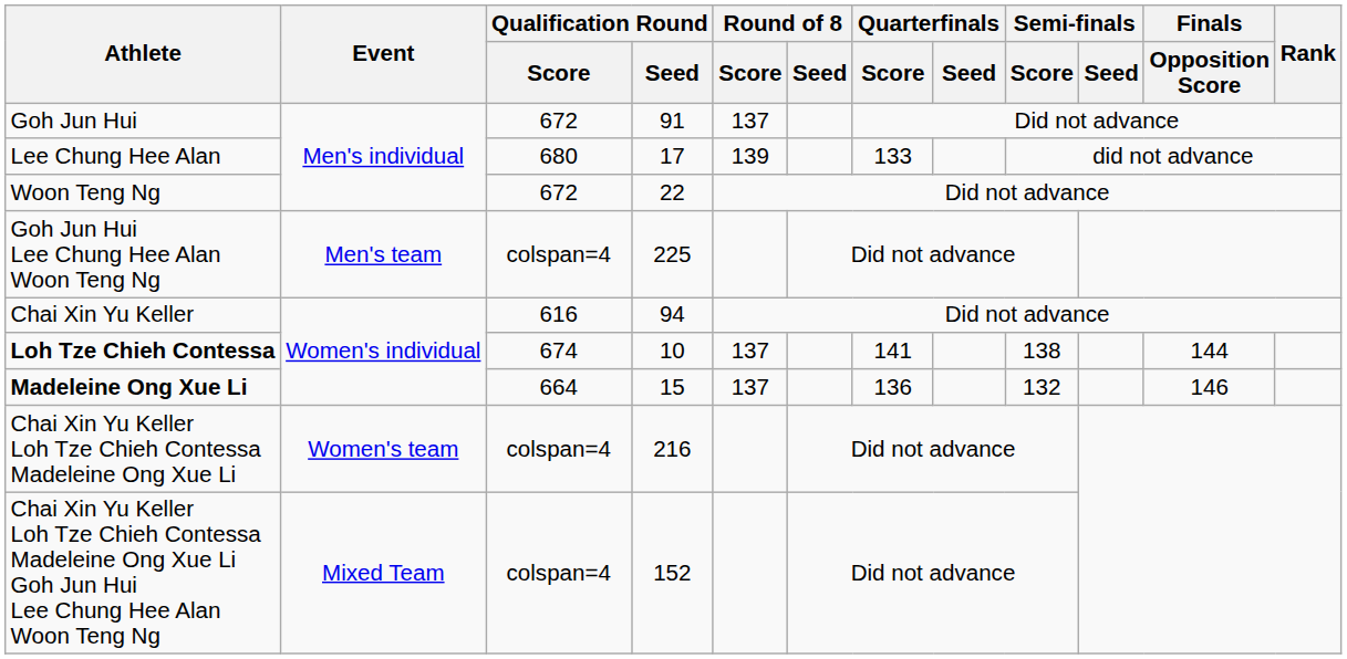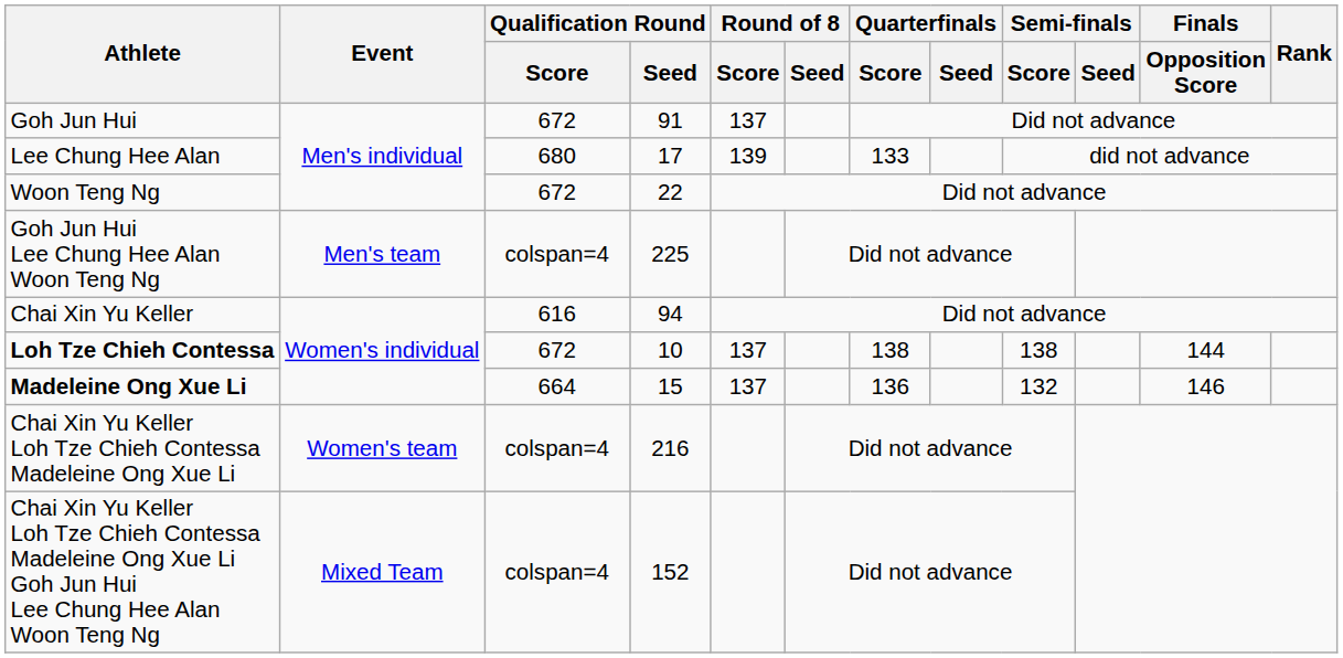 <table class="wikitable" style="text-align:center; font-size:90%">
 <tr>
 <th rowspan="2">Athlete</th>
 <th rowspan="2">Event</th>
 <th colspan="2">Qualification Round</th>
 <th colspan="2">Round of 8</th>
 <th colspan="2">Quarterfinals</th>
 <th colspan="2">Semi-finals</th>
 <th>Finals</th>
 <th rowspan="2">Rank</th>
 </tr>
 <tr style="font size:95%">
 <th>Score</th>
 <th>Seed</th>
 <th>Score</th>
 <th>Seed</th>
 <th>Score</th>
 <th>Seed</th>
 <th>Score</th>
 <th>Seed</th>
 <th>Opposition<br>Score</th>
 </tr>
 <tr align="center">
 <td align="left">Goh Jun Hui</td>
 <td rowspan="3"><a href='#'>Men's individual</a></td>
 <td>672</td>
 <td>91</td>
 <td>137</td>
 <td></td>
 <td colspan="6">Did not advance</td>
 </tr>
 <tr align="center">
 <td align="left">Lee Chung Hee Alan</td>
 <td>680</td>
 <td>17</td>
 <td>139</td>
 <td></td>
 <td>133</td>
 <td></td>
 <td colspan="4">did not advance</td>
 </tr>
 <tr align="center">
 <td align="left">Woon Teng Ng</td>
 <td>672</td>
 <td>22</td>
 <td colspan="8">Did not advance</td>
 </tr>
 <tr>
 <td align="left">Goh Jun Hui<br>Lee Chung Hee Alan<br>Woon Teng Ng</td>
 <td><a href='#'>Men's team</a></td>
 <td>colspan=4 </td>
 <td>225</td>
 <td></td>
 <td colspan="4">Did not advance</td>
 </tr>
 <tr align="center">
 <td align="left">Chai Xin Yu Keller</td>
 <td rowspan="3"><a href='#'>Women's individual</a></td>
 <td>616</td>
 <td>94</td>
 <td colspan="8">Did not advance</td>
 </tr>
 <tr align="center">
 <td align="left"><strong>Loh Tze Chieh Contessa</strong></td>
-<td>674</td>
+<td>672</td>
 <td>10</td>
 <td>137</td>
 <td></td>
-<td>141</td>
+<td>138</td>
 <td></td>
 <td>138</td>
 <td></td>
 <td>144</td>
 <td></td>
 </tr>
 <tr align="center">
 <td align="left"><strong>Madeleine Ong Xue Li</strong></td>
 <td>664</td>
 <td>15</td>
 <td>137</td>
 <td></td>
 <td>136</td>
 <td></td>
 <td>132</td>
 <td></td>
 <td>146</td>
 <td></td>
 </tr>
 <tr align="center">
 <td align="left">Chai Xin Yu Keller<br>Loh Tze Chieh Contessa<br>Madeleine Ong Xue Li</td>
 <td><a href='#'>Women's team</a></td>
 <td>colspan=4 </td>
 <td>216</td>
 <td></td>
 <td colspan="4">Did not advance</td>
 </tr>
 <tr align="center">
 <td align="left">Chai Xin Yu Keller<br>Loh Tze Chieh Contessa<br>Madeleine Ong Xue Li<br>Goh Jun Hui<br>Lee Chung Hee Alan<br>Woon Teng Ng</td>
 <td><a href='#'>Mixed Team</a></td>
 <td>colspan=4 </td>
 <td>152</td>
 <td></td>
 <td colspan="4">Did not advance</td>
 </tr>
 </table>
